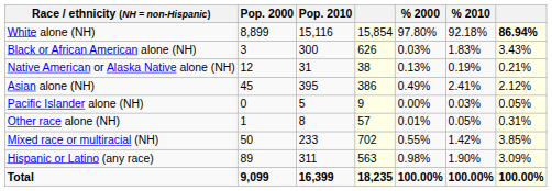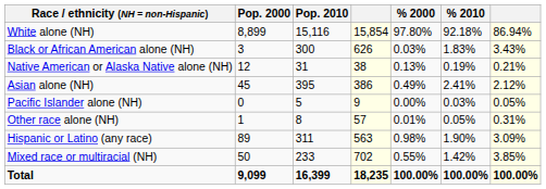 <table class="wikitable">
 <tr>
 <th>Race / ethnicity <small>(<em>NH = non-Hispanic</em>)</small></th>
 <th>Pop. 2000</th>
 <th>Pop. 2010</th>
 <th></th>
 <th>% 2000</th>
 <th>% 2010</th>
 <th></th>
 </tr>
 <tr>
 <td><a href='#'>White</a> alone (NH)</td>
 <td>8,899</td>
 <td>15,116</td>
 <td style='background: #ffffe6;'>15,854</td>
 <td>97.80%</td>
 <td>92.18%</td>
-<td style='background: #ffffe6;'><strong>86.94%</strong></td>
+<td style='background: #ffffe6;'>86.94%</td>
 </tr>
 <tr>
 <td><a href='#'>Black or African American</a> alone (NH)</td>
 <td>3</td>
 <td>300</td>
 <td style='background: #ffffe6;'>626</td>
 <td>0.03%</td>
 <td>1.83%</td>
 <td style='background: #ffffe6;'>3.43%</td>
 </tr>
 <tr>
 <td><a href='#'>Native American</a> or <a href='#'>Alaska Native</a> alone (NH)</td>
 <td>12</td>
 <td>31</td>
 <td style='background: #ffffe6;'>38</td>
 <td>0.13%</td>
 <td>0.19%</td>
 <td style='background: #ffffe6;'>0.21%</td>
 </tr>
 <tr>
 <td><a href='#'>Asian</a> alone (NH)</td>
 <td>45</td>
 <td>395</td>
 <td style='background: #ffffe6;'>386</td>
 <td>0.49%</td>
 <td>2.41%</td>
 <td style='background: #ffffe6;'>2.12%</td>
 </tr>
 <tr>
 <td><a href='#'>Pacific Islander</a> alone (NH)</td>
 <td>0</td>
 <td>5</td>
 <td style='background: #ffffe6;'>9</td>
 <td>0.00%</td>
 <td>0.03%</td>
 <td style='background: #ffffe6;'>0.05%</td>
 </tr>
 <tr>
 <td><a href='#'>Other race</a> alone (NH)</td>
 <td>1</td>
 <td>8</td>
 <td style='background: #ffffe6;'>57</td>
 <td>0.01%</td>
 <td>0.05%</td>
 <td style='background: #ffffe6;'>0.31%</td>
 </tr>
 <tr>
+<td><a href='#'>Hispanic or Latino</a> (any race)</td>
+<td>89</td>
+<td>311</td>
+<td style='background: #ffffe6;'>563</td>
+<td>0.98%</td>
+<td>1.90%</td>
+<td style='background: #ffffe6;'>3.09%</td>
+</tr>
+<tr>
 <td><a href='#'>Mixed race or multiracial</a> (NH)</td>
 <td>50</td>
 <td>233</td>
 <td style='background: #ffffe6;'>702</td>
 <td>0.55%</td>
 <td>1.42%</td>
 <td style='background: #ffffe6;'>3.85%</td>
-</tr>
-<tr>
-<td><a href='#'>Hispanic or Latino</a> (any race)</td>
-<td>89</td>
-<td>311</td>
-<td style='background: #ffffe6;'>563</td>
-<td>0.98%</td>
-<td>1.90%</td>
-<td style='background: #ffffe6;'>3.09%</td>
 </tr>
 <tr>
 <td><strong>Total</strong></td>
 <td><strong>9,099</strong></td>
 <td><strong>16,399</strong></td>
 <td style='background: #ffffe6;'><strong>18,235</strong></td>
 <td><strong>100.00%</strong></td>
 <td><strong>100.00%</strong></td>
 <td style='background: #ffffe6;'><strong>100.00%</strong></td>
 </tr>
 </table>
